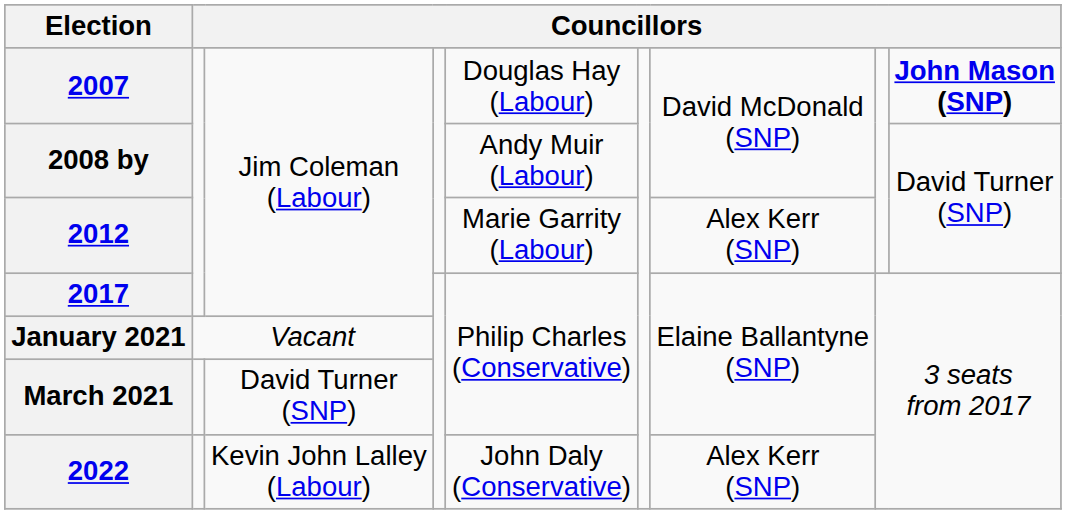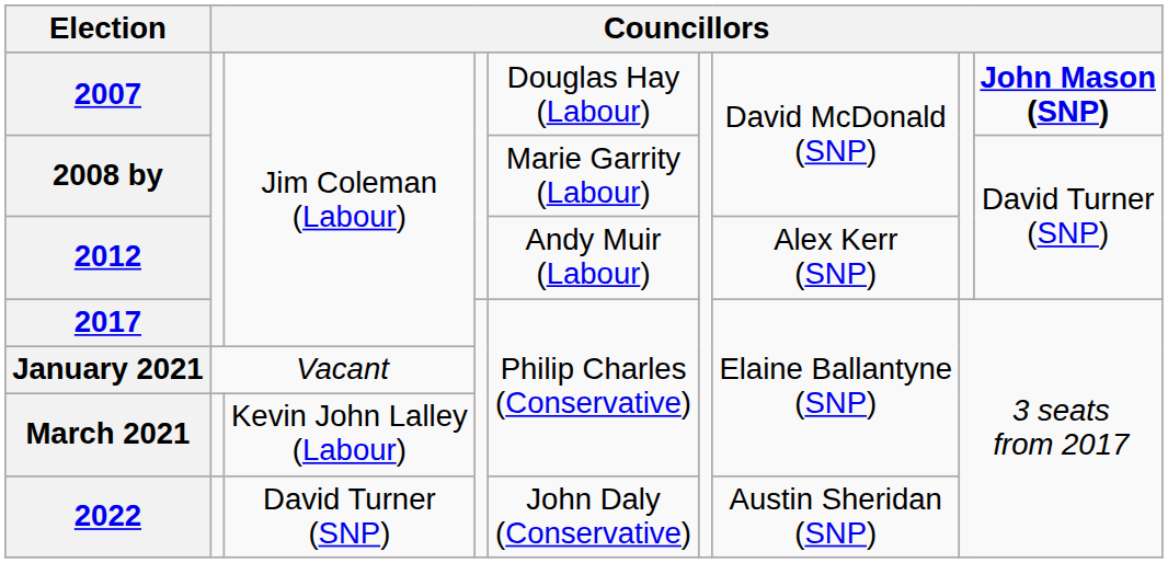 <table class="wikitable" style="text-align:center">
 <tr>
 <th>Election</th>
 <th colspan=8>Councillors</th>
 </tr>
 <tr>
 <th><a href='#'>2007</a></th>
 <td rowspan=4; style="background-color: "></td>
 <td rowspan=4>Jim Coleman<br>(<a href='#'>Labour</a>)</td>
 <td rowspan=3; style="background-color: "></td>
 <td rowspan=1>Douglas Hay<br>(<a href='#'>Labour</a>)</td>
 <td rowspan=7; style="background-color: "></td>
 <td rowspan=2>David McDonald<br>(<a href='#'>SNP</a>)</td>
 <td rowspan=3; style="background-color: "></td>
 <td rowspan=1><strong><a href='#'>John Mason</a><br>(<a href='#'>SNP</a>)</strong></td>
 </tr>
 <tr>
 <th>2008 by</th>
-<td rowspan=1>Andy Muir<br>(<a href='#'>Labour</a>)</td>
+<td rowspan=1>Marie Garrity<br>(<a href='#'>Labour</a>)</td>
 <td rowspan=2>David Turner<br>(<a href='#'>SNP</a>)</td>
 </tr>
 <tr>
 <th><a href='#'>2012</a></th>
-<td rowspan=1>Marie Garrity<br>(<a href='#'>Labour</a>)</td>
+<td rowspan=1>Andy Muir<br>(<a href='#'>Labour</a>)</td>
 <td rowspan=1>Alex Kerr<br>(<a href='#'>SNP</a>)</td>
 </tr>
 <tr>
 <th><a href='#'>2017</a></th>
 <td rowspan=4; style="background-color: "></td>
 <td rowspan=3>Philip Charles<br>(<a href='#'>Conservative</a>)</td>
 <td rowspan=3>Elaine Ballantyne<br>(<a href='#'>SNP</a>)</td>
 <td rowspan=4; colspan=2><em>3 seats<br>from 2017</em></td>
 </tr>
 <tr>
 <th>January 2021</th>
 <td colspan=2><em>Vacant</em></td>
 </tr>
 <tr>
 <th>March 2021</th>
 <td rowspan=1; style="background-color: "></td>
-<td>David Turner<br>(<a href='#'>SNP</a>)</td>
+<td rowspan=1>Kevin John Lalley<br>(<a href='#'>Labour</a>)</td>
 </tr>
 <tr>
 <th><a href='#'>2022</a></th>
 <td rowspan=1; style="background-color: "></td>
-<td rowspan=1>Kevin John Lalley<br>(<a href='#'>Labour</a>)</td>
+<td>David Turner<br>(<a href='#'>SNP</a>)</td>
 <td rowspan=1>John Daly<br>(<a href='#'>Conservative</a>)</td>
-<td rowspan=1>Alex Kerr<br>(<a href='#'>SNP</a>)</td>
+<td rowspan=1>Austin Sheridan<br>(<a href='#'>SNP</a>)</td>
 </tr>
 </table>
